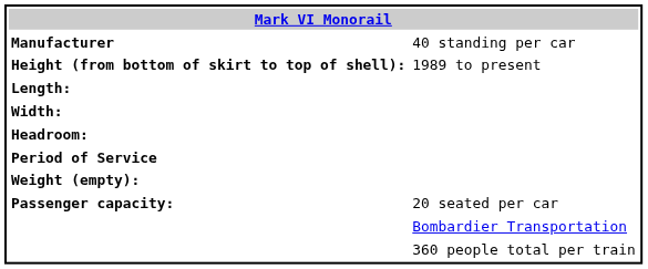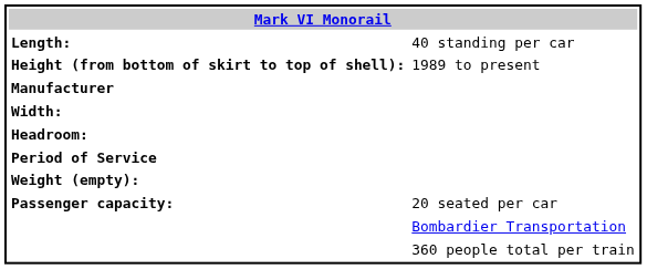 <table cellpadding="2" style="width:double; border:solid 2px black">
 <tr style="background:#ccc;">
 <th colspan="2" style="text-align: center;"><a href='#'>Mark VI Monorail</a></th>
 </tr>
 <tr>
-<td><strong>Manufacturer</strong></td>
+<td><strong>Length:</strong></td>
 <td>40 standing per car</td>
 </tr>
 <tr>
 <td><strong>Height (from bottom of skirt to top of shell):</strong></td>
 <td>1989 to present</td>
 </tr>
 <tr>
-<td><strong>Length:</strong></td>
+<td><strong>Manufacturer</strong></td>
 <td></td>
 </tr>
 <tr>
 <td><strong>Width:</strong></td>
 <td></td>
 </tr>
 <tr>
 <td><strong>Headroom:</strong></td>
 <td></td>
 </tr>
 <tr>
 <td><strong>Period of Service</strong></td>
 <td></td>
 </tr>
 <tr>
 <td><strong>Weight (empty):</strong></td>
 <td></td>
 </tr>
 <tr>
 <td><strong>Passenger capacity:</strong></td>
 <td>20 seated per car</td>
 </tr>
 <tr>
 <td></td>
 <td><a href='#'>Bombardier Transportation</a></td>
 </tr>
 <tr>
 <td></td>
 <td>360 people total per train</td>
 </tr>
 </table>
